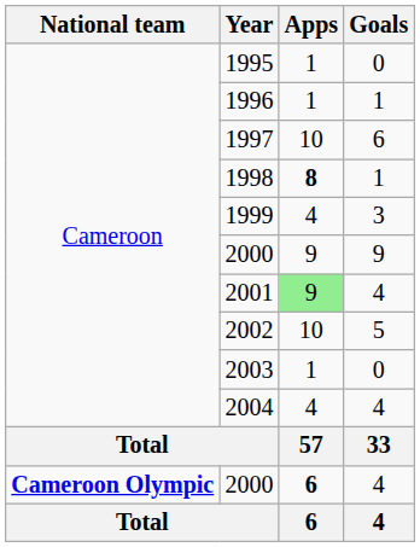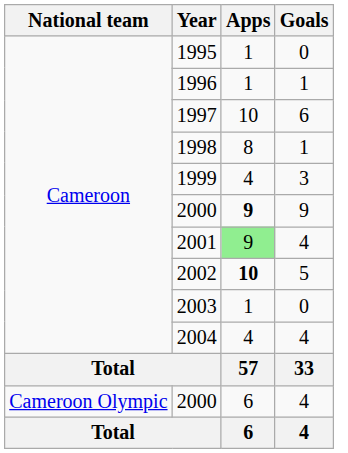 <table class="wikitable" style="text-align:center">
 <tr>
 <th>National team</th>
 <th>Year</th>
 <th>Apps</th>
 <th>Goals</th>
 </tr>
 <tr>
 <td rowspan="10"><a href='#'>Cameroon</a></td>
 <td>1995</td>
 <td>1</td>
 <td>0</td>
 </tr>
 <tr>
 <td>1996</td>
 <td>1</td>
 <td>1</td>
 </tr>
 <tr>
 <td>1997</td>
 <td>10</td>
 <td>6</td>
 </tr>
 <tr>
 <td>1998</td>
-<td><strong>8</strong></td>
+<td>8</td>
 <td>1</td>
 </tr>
 <tr>
 <td>1999</td>
 <td>4</td>
 <td>3</td>
 </tr>
 <tr>
 <td>2000</td>
-<td>9</td>
+<td><strong>9</strong></td>
 <td>9</td>
 </tr>
 <tr>
 <td>2001</td>
 <td style="background: lightgreen;">9</td>
 <td>4</td>
 </tr>
 <tr>
 <td>2002</td>
-<td>10</td>
+<td><strong>10</strong></td>
 <td>5</td>
 </tr>
 <tr>
 <td>2003</td>
 <td>1</td>
 <td>0</td>
 </tr>
 <tr>
 <td>2004</td>
 <td>4</td>
 <td>4</td>
 </tr>
 <tr>
 <th colspan="2">Total</th>
 <th>57</th>
 <th>33</th>
 </tr>
 <tr>
-<td><strong><a href='#'>Cameroon Olympic</a></strong></td>
+<td><a href='#'>Cameroon Olympic</a></td>
 <td>2000</td>
-<td><strong>6</strong></td>
+<td>6</td>
 <td>4</td>
 </tr>
 <tr>
 <th colspan="2">Total</th>
 <th>6</th>
 <th>4</th>
 </tr>
 </table>
